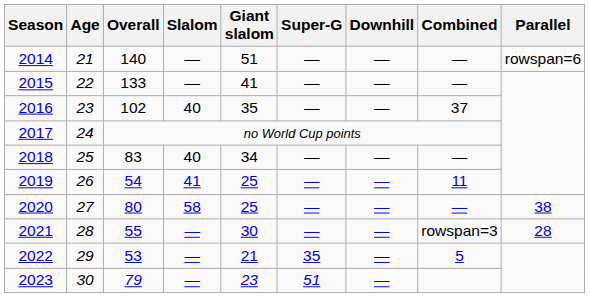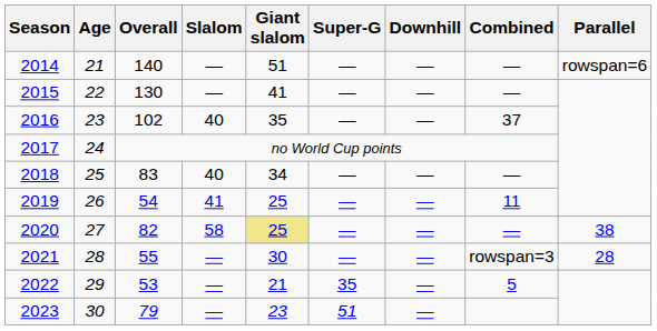 <table class="wikitable" style="text-align:center; font-size:100%;">
 <tr>
 <th>Season</th>
 <th>Age</th>
 <th>Overall</th>
 <th>Slalom</th>
 <th>Giant<br>slalom</th>
 <th>Super-G</th>
 <th>Downhill</th>
 <th>Combined</th>
 <th>Parallel</th>
 </tr>
 <tr>
 <td><a href='#'>2014</a></td>
 <td><em>21</em></td>
 <td>140</td>
 <td>—</td>
 <td>51</td>
 <td>—</td>
 <td>—</td>
 <td>—</td>
 <td>rowspan=6 </td>
 </tr>
 <tr>
 <td><a href='#'>2015</a></td>
 <td><em>22</em></td>
-<td>133</td>
+<td>130</td>
 <td>—</td>
 <td>41</td>
 <td>—</td>
 <td>—</td>
 <td>—</td>
 </tr>
 <tr>
 <td><a href='#'>2016</a></td>
 <td><em>23</em></td>
 <td>102</td>
 <td>40</td>
 <td>35</td>
 <td>—</td>
 <td>—</td>
 <td>37</td>
 </tr>
 <tr>
 <td><a href='#'>2017</a></td>
 <td><em>24</em></td>
 <td colspan=6><small><em>no World Cup points</em></small></td>
 </tr>
 <tr>
 <td><a href='#'>2018</a></td>
 <td><em>25</em></td>
 <td>83</td>
 <td>40</td>
 <td>34</td>
 <td>—</td>
 <td>—</td>
 <td>—</td>
 </tr>
 <tr>
 <td><a href='#'>2019</a></td>
 <td><em>26</em></td>
 <td><a href='#'>54</a></td>
 <td><a href='#'>41</a></td>
 <td><a href='#'>25</a></td>
 <td><a href='#'>—</a></td>
 <td><a href='#'>—</a></td>
 <td><a href='#'>11</a></td>
 </tr>
 <tr>
 <td><a href='#'>2020</a></td>
 <td><em>27</em></td>
-<td><a href='#'>80</a></td>
+<td><a href='#'>82</a></td>
 <td><a href='#'>58</a></td>
-<td><a href='#'>25</a></td>
+<td style="background: khaki;"><a href='#'>25</a></td>
 <td><a href='#'>—</a></td>
 <td><a href='#'>—</a></td>
 <td><a href='#'>—</a></td>
 <td><a href='#'>38</a></td>
 </tr>
 <tr>
 <td><a href='#'>2021</a></td>
 <td><em>28</em></td>
 <td><a href='#'>55</a></td>
 <td><a href='#'>—</a></td>
 <td><a href='#'>30</a></td>
 <td><a href='#'>—</a></td>
 <td><a href='#'>—</a></td>
 <td>rowspan=3 </td>
 <td><a href='#'>28</a></td>
 </tr>
 <tr>
 <td><a href='#'>2022</a></td>
 <td><em>29</em></td>
 <td><a href='#'>53</a></td>
 <td><a href='#'>—</a></td>
 <td><a href='#'>21</a></td>
 <td><a href='#'>35</a></td>
 <td><a href='#'>—</a></td>
 <td><a href='#'>5</a></td>
 </tr>
 <tr>
 <td><a href='#'>2023</a></td>
 <td><em>30</em></td>
 <td><em><a href='#'>79</a></em></td>
 <td><a href='#'>—</a></td>
 <td><em><a href='#'>23</a></em></td>
 <td><em><a href='#'>51</a></em></td>
 <td><em><a href='#'>—</a></em></td>
 <td></td>
 </tr>
 </table>
